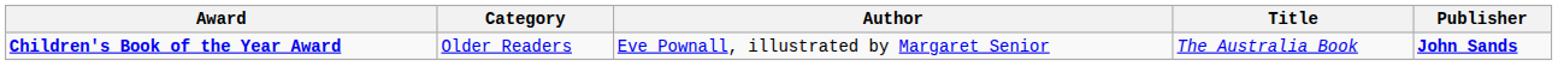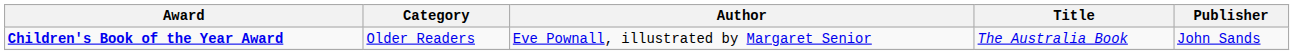 <table class="wikitable" width=95%>
 <tr>
 <th>Award</th>
 <th>Category</th>
 <th>Author</th>
 <th>Title</th>
 <th>Publisher</th>
 </tr>
 <tr>
 <td><strong><a href='#'>Children's Book of the Year Award</a></strong></td>
 <td><a href='#'>Older Readers</a></td>
 <td><a href='#'>Eve Pownall</a>, illustrated by <a href='#'>Margaret Senior</a></td>
 <td><em><a href='#'>The Australia Book</a></em></td>
-<td><strong><a href='#'>John Sands</a></strong></td>
+<td><a href='#'>John Sands</a></td>
 </tr>
 <tr>
 </tr>
 </table>
